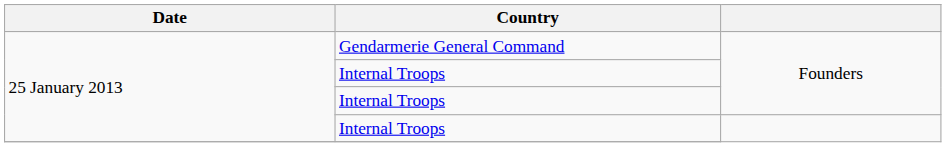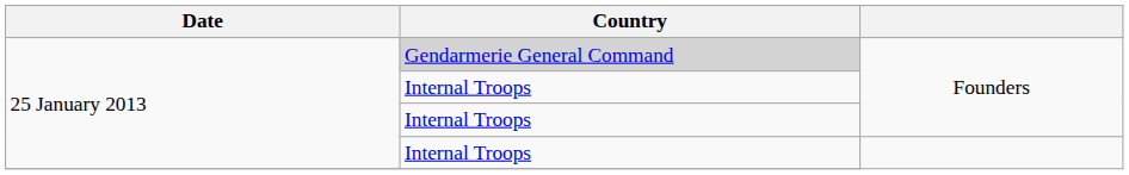 <table class="wikitable">
 <tr>
 <th width=12%>Date</th>
 <th width=14%>Country</th>
 <th width=8%></th>
 </tr>
 <tr>
 <td rowspan=4>25 January 2013</td>
-<td> <a href='#'>Gendarmerie General Command</a></td>
+<td style="background: lightgrey;"> <a href='#'>Gendarmerie General Command</a></td>
 <td rowspan=3 align=center>Founders</td>
 </tr>
 <tr>
 <td> <a href='#'>Internal Troops</a></td>
 </tr>
 <tr>
 <td> <a href='#'>Internal Troops</a></td>
 </tr>
 <tr>
 <td> <a href='#'>Internal Troops</a></td>
 </tr>
 <tr>
 </tr>
 </table>
